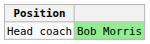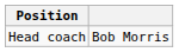 <table class="wikitable">
 <tr>
 <th>Position</th>
 <th></th>
 </tr>
 <tr>
 <td>Head coach</td>
-<td style="background: lightgreen;"> Bob Morris</td>
+<td> Bob Morris</td>
 </tr>
 </table>
